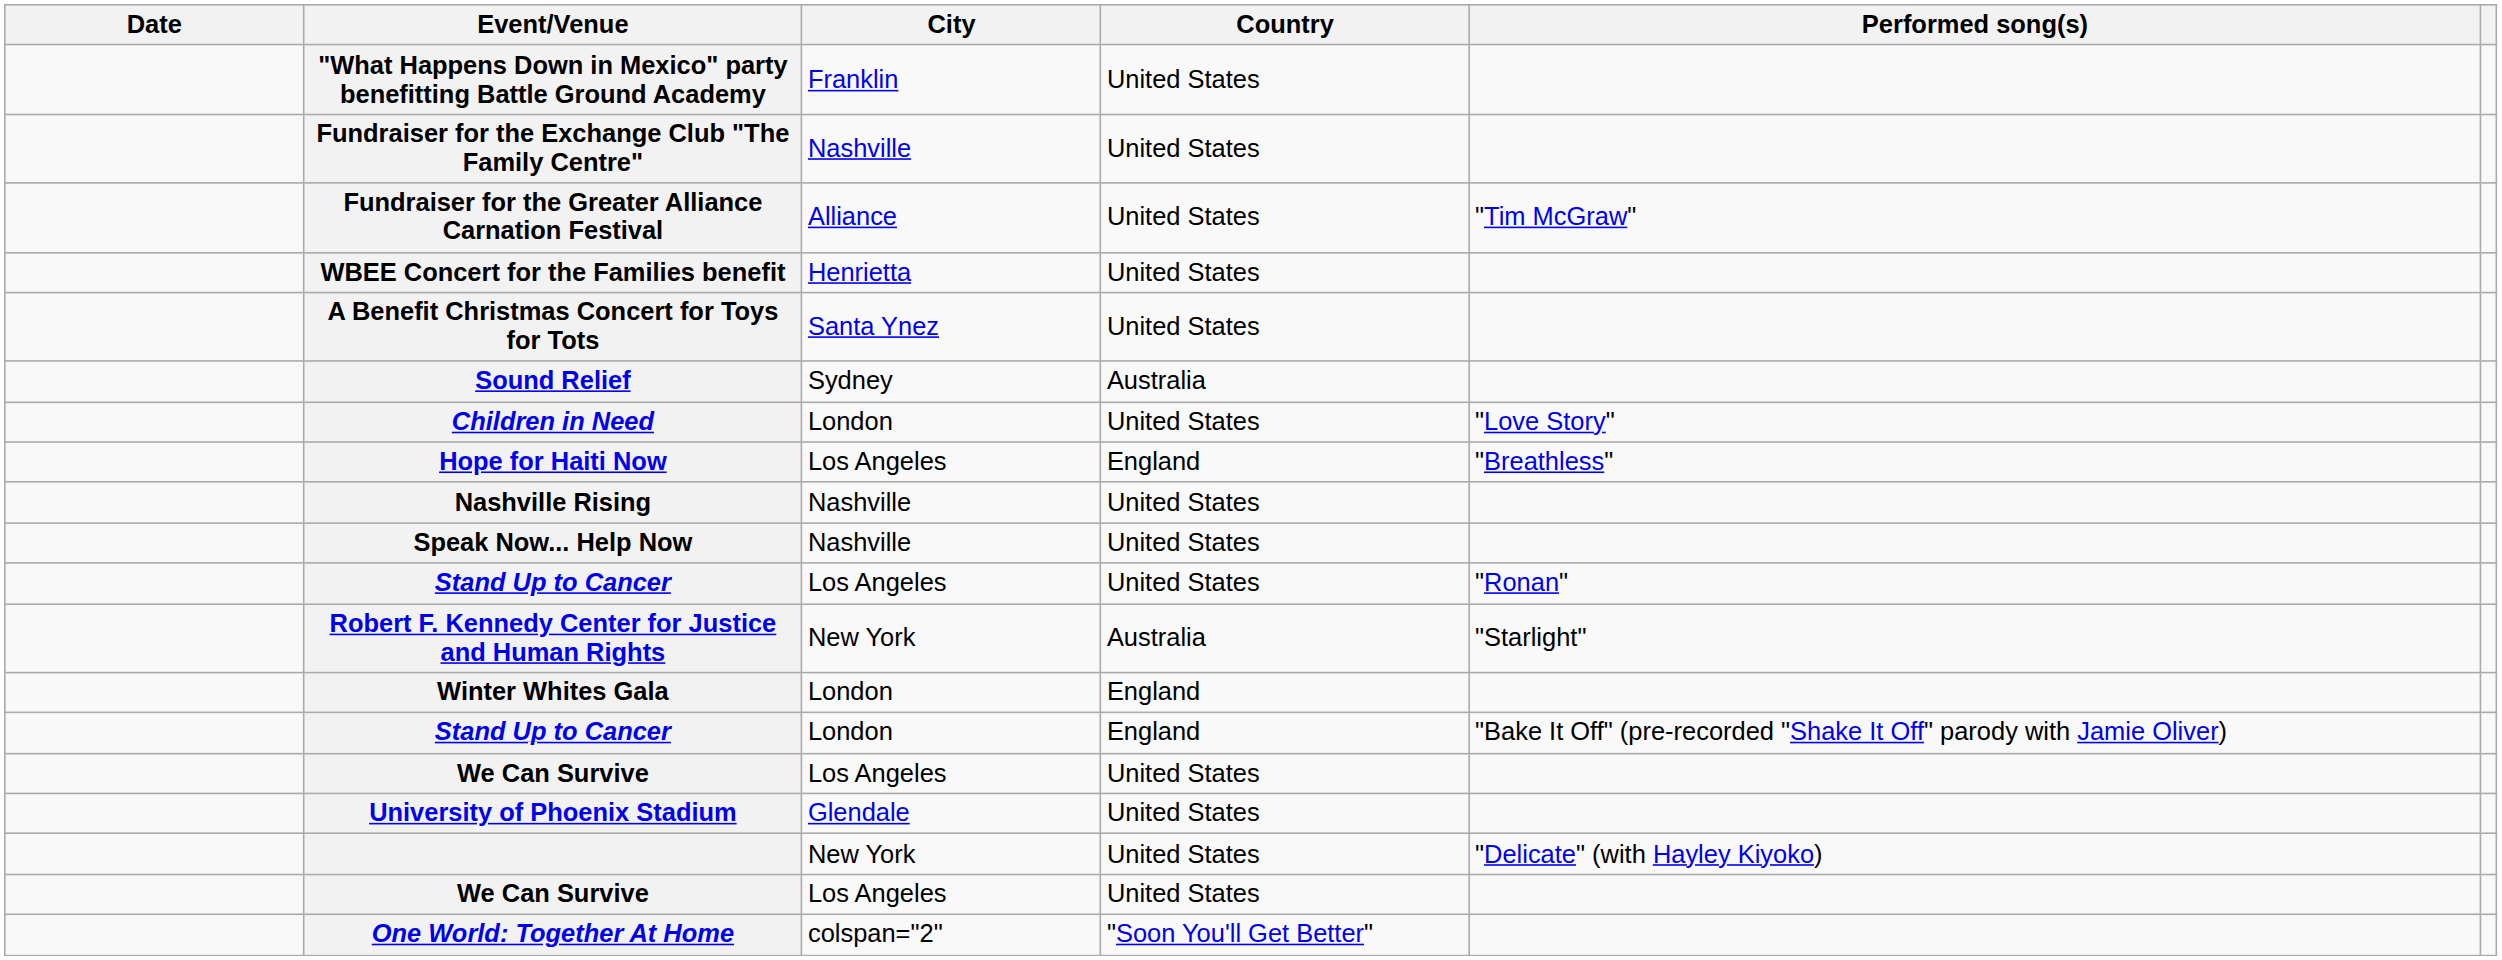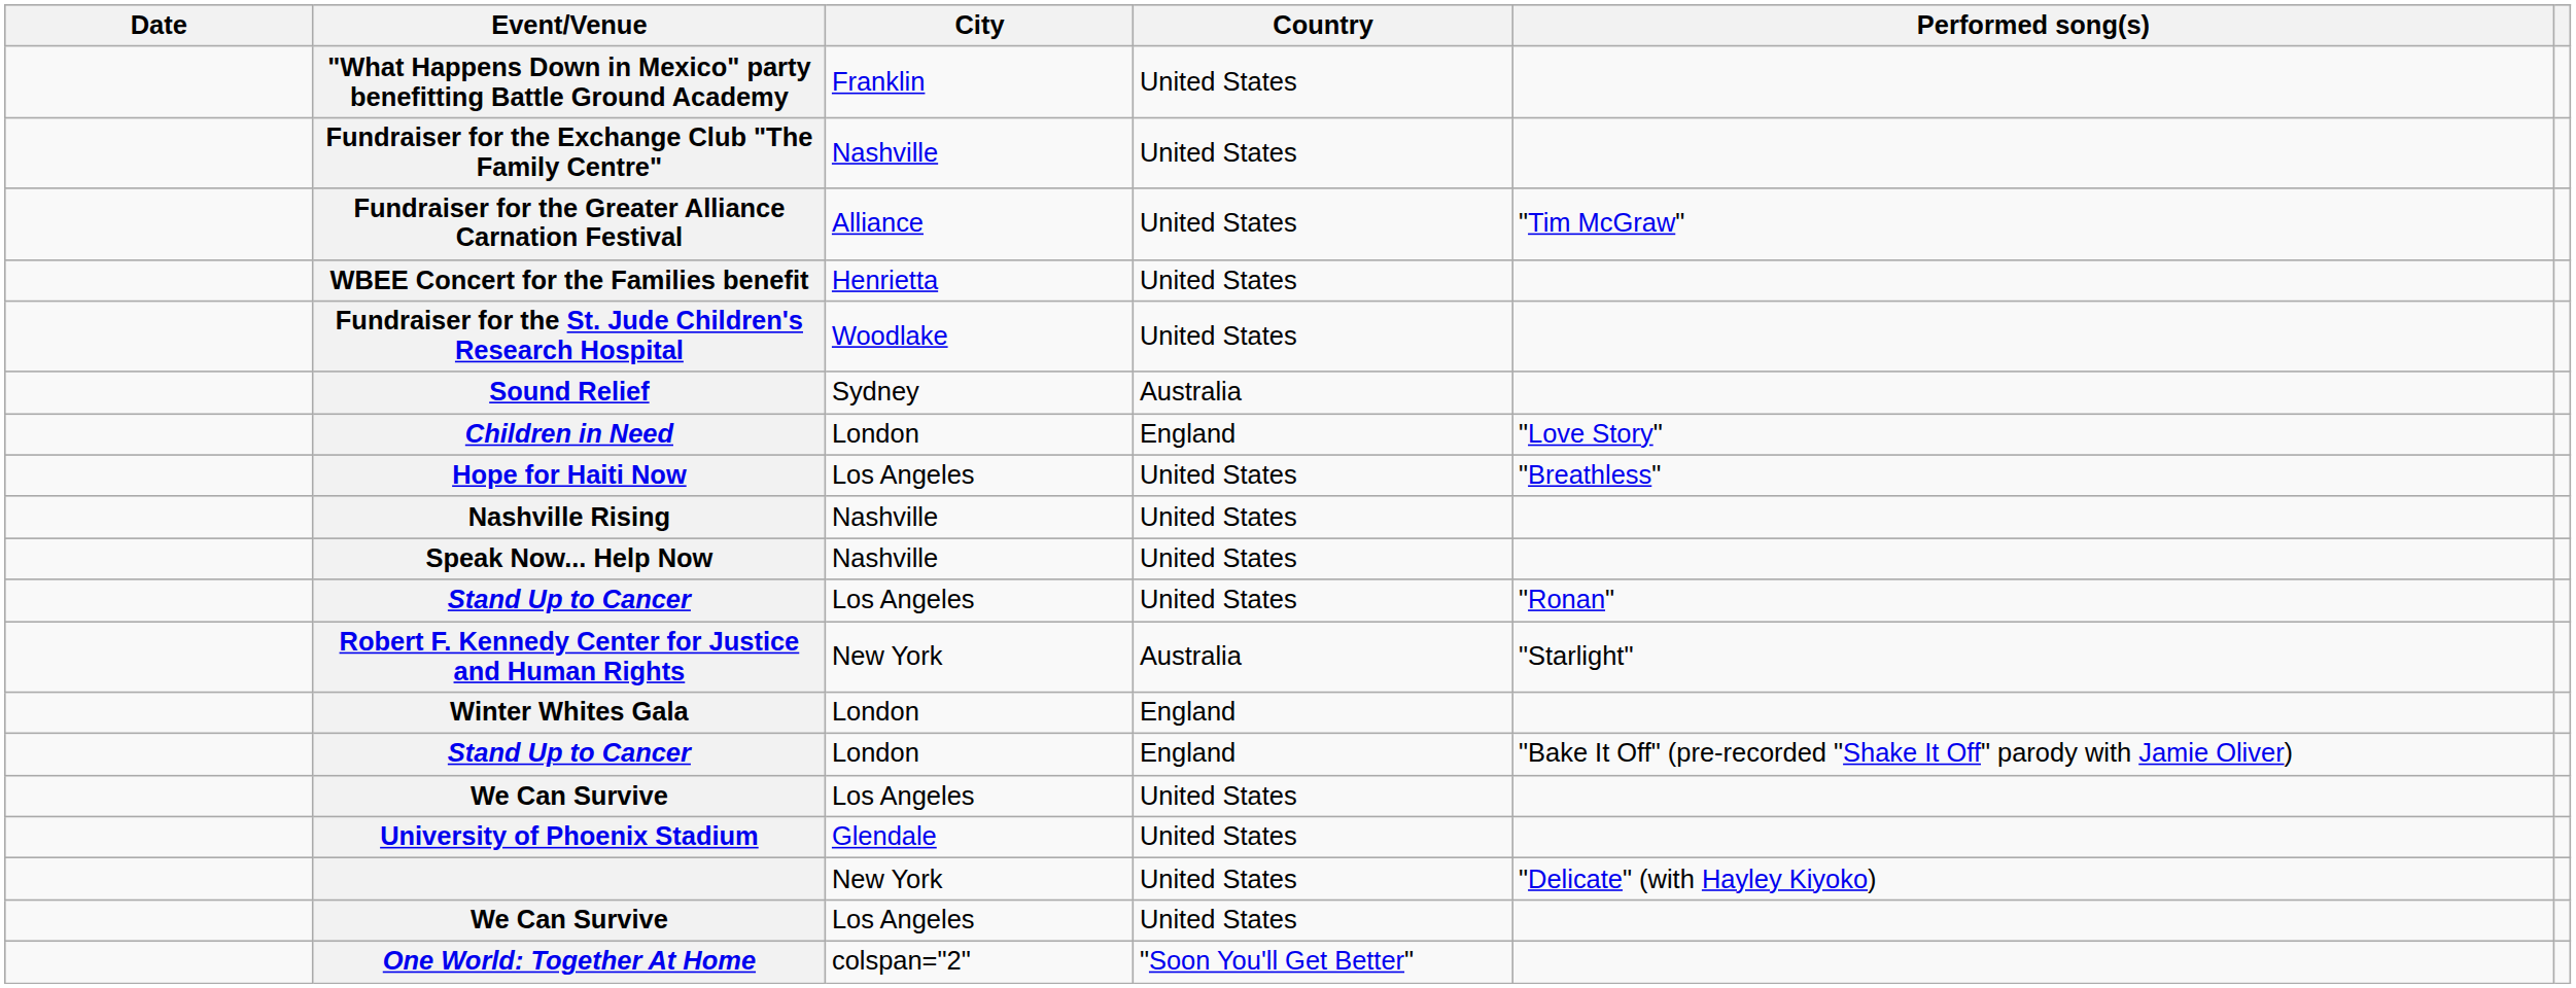 <table class="wikitable sortable plainrowheaders">
 <tr>
 <th scope="col" style="width:12%;">Date</th>
 <th scope="col" style="width:20%;">Event/Venue</th>
 <th scope="col" style="width:12%;">City</th>
 <th scope="col">Country</th>
 <th scope="col">Performed song(s)</th>
 <th scope="col" class="unsortable"></th>
 </tr>
 <tr>
 <td></td>
 <th scope="row">"What Happens Down in Mexico" party benefitting Battle Ground Academy</th>
 <td><a href='#'>Franklin</a></td>
 <td>United States</td>
 <td></td>
 <td style="text-align:center;"></td>
 </tr>
 <tr>
 <td></td>
 <th scope="row">Fundraiser for the Exchange Club "The Family Centre"</th>
 <td><a href='#'>Nashville</a></td>
 <td>United States</td>
 <td></td>
 <td style="text-align:center;"></td>
 </tr>
 <tr>
 <td></td>
 <th scope="row">Fundraiser for the Greater Alliance Carnation Festival</th>
 <td><a href='#'>Alliance</a></td>
 <td>United States</td>
 <td>"<a href='#'>Tim McGraw</a>"</td>
 <td style="text-align:center;"></td>
 </tr>
 <tr>
 <td></td>
 <th scope="row">WBEE Concert for the Families benefit</th>
 <td><a href='#'>Henrietta</a></td>
 <td>United States</td>
 <td></td>
 <td style="text-align:center;"></td>
 </tr>
 <tr>
 <td></td>
-<th scope="row">A Benefit Christmas Concert for Toys for Tots</th>
-<td><a href='#'>Santa Ynez</a></td>
+<th scope="row">Fundraiser for the <a href='#'>St. Jude Children's Research Hospital</a></th>
+<td><a href='#'>Woodlake</a></td>
 <td>United States</td>
 <td></td>
 <td style="text-align:center;"></td>
 </tr>
 <tr>
 <td></td>
 <th scope="row"><a href='#'>Sound Relief</a></th>
 <td>Sydney</td>
 <td>Australia</td>
 <td></td>
 <td style="text-align:center;"></td>
 </tr>
 <tr>
 <td></td>
 <th scope="row"><em><a href='#'>Children in Need</a></em></th>
 <td>London</td>
-<td>United States</td>
+<td>England</td>
 <td>"<a href='#'>Love Story</a>"</td>
 <td style="text-align:center;"></td>
 </tr>
 <tr>
 <td></td>
 <th scope="row"><a href='#'>Hope for Haiti Now</a></th>
 <td>Los Angeles</td>
-<td>England</td>
+<td>United States</td>
 <td>"<a href='#'>Breathless</a>"</td>
 <td style="text-align:center;"></td>
 </tr>
 <tr>
 <td></td>
 <th scope="row">Nashville Rising</th>
 <td>Nashville</td>
 <td>United States</td>
 <td></td>
 <td style="text-align:center;"></td>
 </tr>
 <tr>
 <td></td>
 <th scope="row">Speak Now... Help Now</th>
 <td>Nashville</td>
 <td>United States</td>
 <td></td>
 <td style="text-align:center;"></td>
 </tr>
 <tr>
 <td></td>
 <th scope="row"><em><a href='#'>Stand Up to Cancer</a></em></th>
 <td>Los Angeles</td>
 <td>United States</td>
 <td>"<a href='#'>Ronan</a>"</td>
 <td style="text-align:center;"></td>
 </tr>
 <tr>
 <td></td>
 <th scope="row"><a href='#'>Robert F. Kennedy Center for Justice and Human Rights</a></th>
 <td>New York</td>
 <td>Australia</td>
 <td>"Starlight"</td>
 <td style="text-align:center;"></td>
 </tr>
 <tr>
 <td></td>
 <th scope="row">Winter Whites Gala</th>
 <td>London</td>
 <td>England</td>
 <td></td>
 <td style="text-align:center;"></td>
 </tr>
 <tr>
 <td></td>
 <th scope="row"><em><a href='#'>Stand Up to Cancer</a></em></th>
 <td>London</td>
 <td>England</td>
 <td>"Bake It Off" (pre-recorded "<a href='#'>Shake It Off</a>" parody with <a href='#'>Jamie Oliver</a>)</td>
 <td style="text-align:center;"></td>
 </tr>
 <tr>
 <td></td>
 <th scope="row">We Can Survive</th>
 <td>Los Angeles</td>
 <td>United States</td>
 <td></td>
 <td style="text-align:center;"></td>
 </tr>
 <tr>
 <td></td>
 <th scope="row"><a href='#'>University of Phoenix Stadium</a></th>
 <td><a href='#'>Glendale</a></td>
 <td>United States</td>
 <td></td>
 <td style="text-align:center;"></td>
 </tr>
 <tr>
 <td></td>
 <th scope="row"></th>
 <td>New York</td>
 <td>United States</td>
 <td>"<a href='#'>Delicate</a>" (with <a href='#'>Hayley Kiyoko</a>)</td>
 <td style="text-align:center;"></td>
 </tr>
 <tr>
 <td></td>
 <th scope="row">We Can Survive</th>
 <td>Los Angeles</td>
 <td>United States</td>
 <td></td>
 <td style="text-align:center;"></td>
 </tr>
 <tr>
 <td></td>
 <th scope="row"><em><a href='#'>One World: Together At Home</a></em></th>
 <td>colspan="2" </td>
 <td>"<a href='#'>Soon You'll Get Better</a>"</td>
 <td style="text-align:center;"></td>
 </tr>
 </table>
